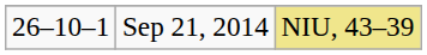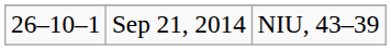 <table class="wikitable">
 <tr align="center">
 </tr>
 <tr align="center">
 <td>26–10–1</td>
 <td>Sep 21, 2014</td>
-<td style="background: khaki;">NIU, 43–39</td>
+<td>NIU, 43–39</td>
 </tr>
 </table>
